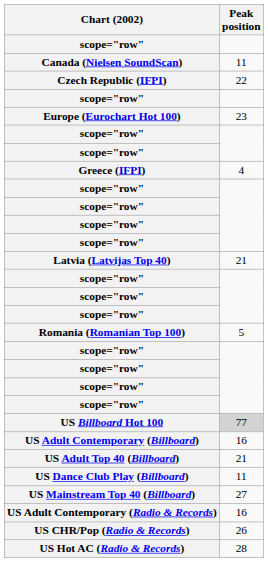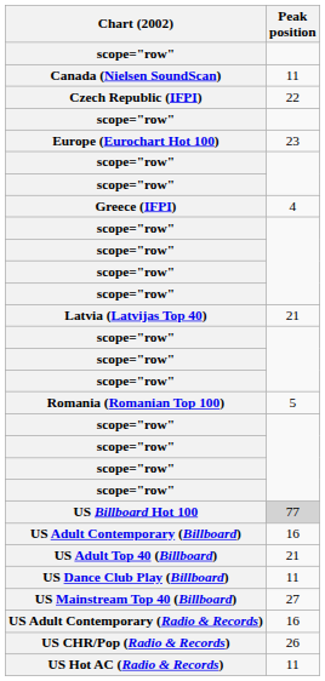 <table class="wikitable sortable plainrowheaders" style="text-align:center">
 <tr>
 <th>Chart (2002)</th>
 <th>Peak<br>position</th>
 </tr>
 <tr>
 <th>scope="row"</th>
 </tr>
 <tr>
 <th scope="row">Canada (<a href='#'>Nielsen SoundScan</a>)</th>
 <td>11</td>
 </tr>
 <tr>
 <th scope="row">Czech Republic (<a href='#'>IFPI</a>)</th>
 <td>22</td>
 </tr>
 <tr>
 <th>scope="row"</th>
 </tr>
 <tr>
 <th scope="row">Europe (<a href='#'>Eurochart Hot 100</a>)</th>
 <td>23</td>
 </tr>
 <tr>
 <th>scope="row"</th>
 </tr>
 <tr>
 <th>scope="row"</th>
 </tr>
 <tr>
 <th scope="row">Greece (<a href='#'>IFPI</a>)</th>
 <td>4</td>
 </tr>
 <tr>
 <th>scope="row"</th>
 </tr>
 <tr>
 <th>scope="row"</th>
 </tr>
 <tr>
 <th>scope="row"</th>
 </tr>
 <tr>
 <th>scope="row"</th>
 </tr>
 <tr>
 <th scope="row">Latvia (<a href='#'>Latvijas Top 40</a>)</th>
 <td>21</td>
 </tr>
 <tr>
 <th>scope="row"</th>
 </tr>
 <tr>
 <th>scope="row"</th>
 </tr>
 <tr>
 <th>scope="row"</th>
 </tr>
 <tr>
 <th scope="row">Romania (<a href='#'>Romanian Top 100</a>)</th>
 <td>5</td>
 </tr>
 <tr>
 <th>scope="row"</th>
 </tr>
 <tr>
 <th>scope="row"</th>
 </tr>
 <tr>
 <th>scope="row"</th>
 </tr>
 <tr>
 <th>scope="row"</th>
 </tr>
 <tr>
 <th scope="row">US <a href='#'><em>Billboard</em> Hot 100</a></th>
 <td style="background: lightgrey;">77</td>
 </tr>
 <tr>
 <th scope="row">US <a href='#'>Adult Contemporary</a> (<em><a href='#'>Billboard</a></em>)</th>
 <td>16</td>
 </tr>
 <tr>
 <th scope="row">US <a href='#'>Adult Top 40</a> (<em><a href='#'>Billboard</a></em>)</th>
 <td>21</td>
 </tr>
 <tr>
 <th scope="row">US <a href='#'>Dance Club Play</a> (<em><a href='#'>Billboard</a></em>)<br></th>
 <td>11</td>
 </tr>
 <tr>
 <th scope="row">US <a href='#'>Mainstream Top 40</a> (<em><a href='#'>Billboard</a></em>)</th>
 <td>27</td>
 </tr>
 <tr>
 <th scope="row">US Adult Contemporary (<em><a href='#'>Radio & Records</a></em>)</th>
 <td>16</td>
 </tr>
 <tr>
 <th scope="row">US CHR/Pop (<em><a href='#'>Radio & Records</a></em>)</th>
 <td>26</td>
 </tr>
 <tr>
 <th scope="row">US Hot AC (<em><a href='#'>Radio & Records</a></em>)</th>
-<td>28</td>
+<td>11</td>
 </tr>
 </table>
